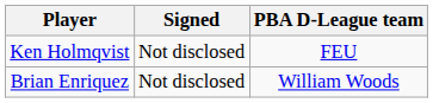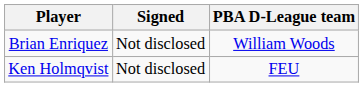 <table class="wikitable sortable sortable">
 <tr>
 <th>Player</th>
 <th>Signed</th>
 <th>PBA D-League team</th>
 </tr>
 <tr style="text-align: center">
+<td><a href='#'>Brian Enriquez</a></td>
+<td>Not disclosed</td>
+<td><a href='#'>William Woods</a></td>
+</tr>
+<tr style="text-align: center">
 <td><a href='#'>Ken Holmqvist</a></td>
 <td>Not disclosed</td>
 <td><a href='#'>FEU</a></td>
 </tr>
-<tr style="text-align: center">
-<td><a href='#'>Brian Enriquez</a></td>
-<td>Not disclosed</td>
-<td><a href='#'>William Woods</a></td>
-</tr>
 </table>
